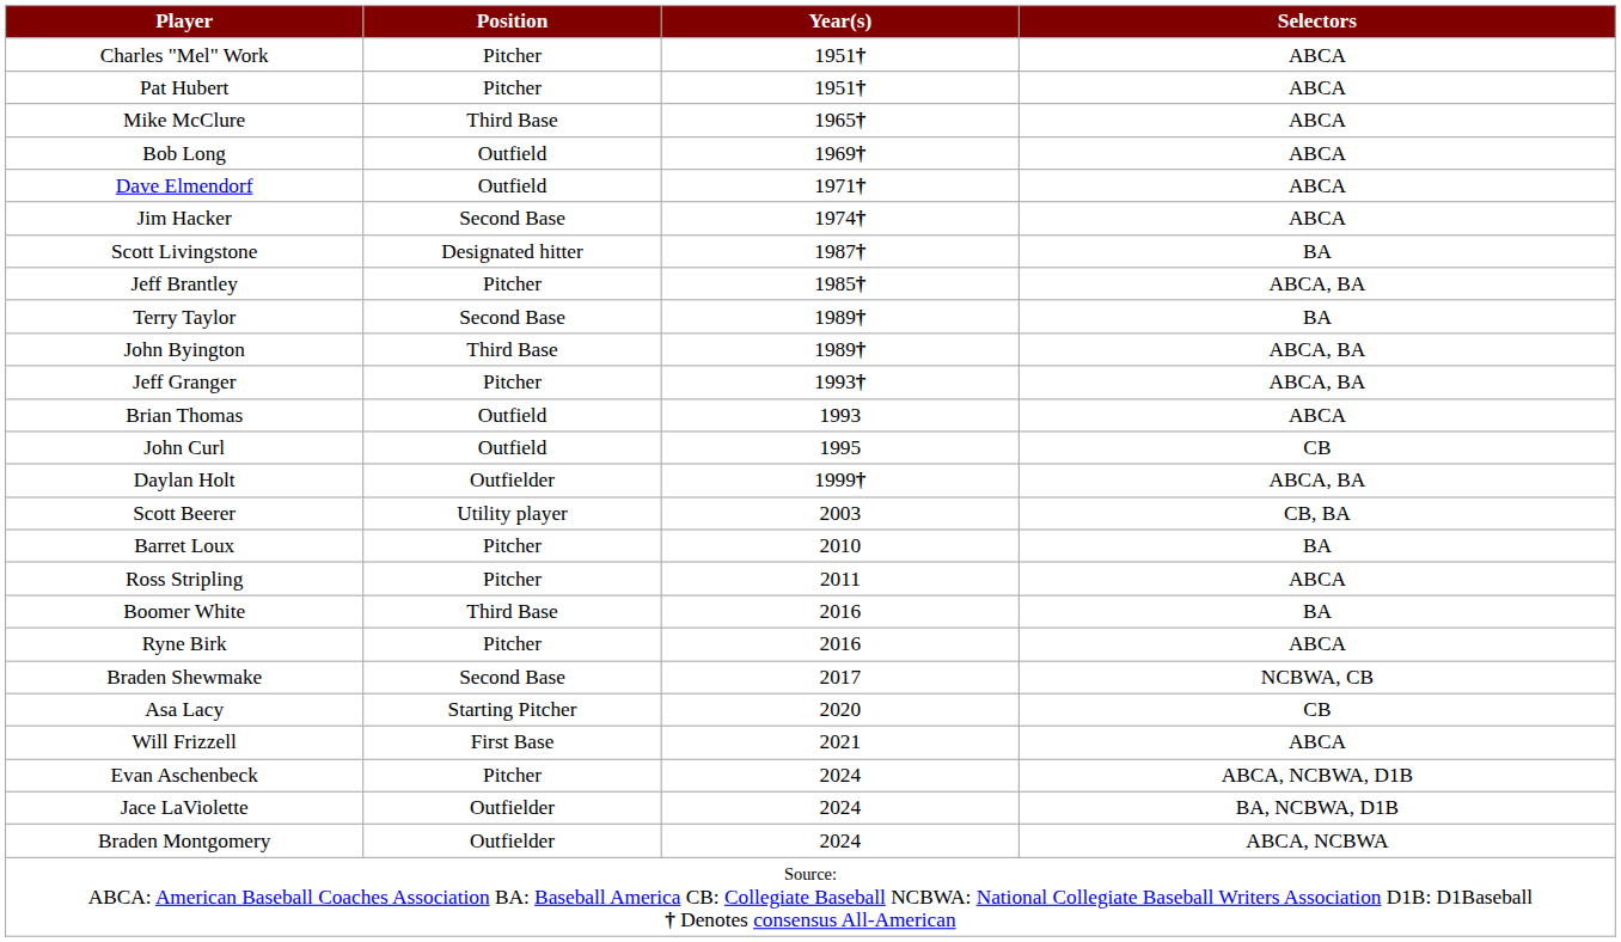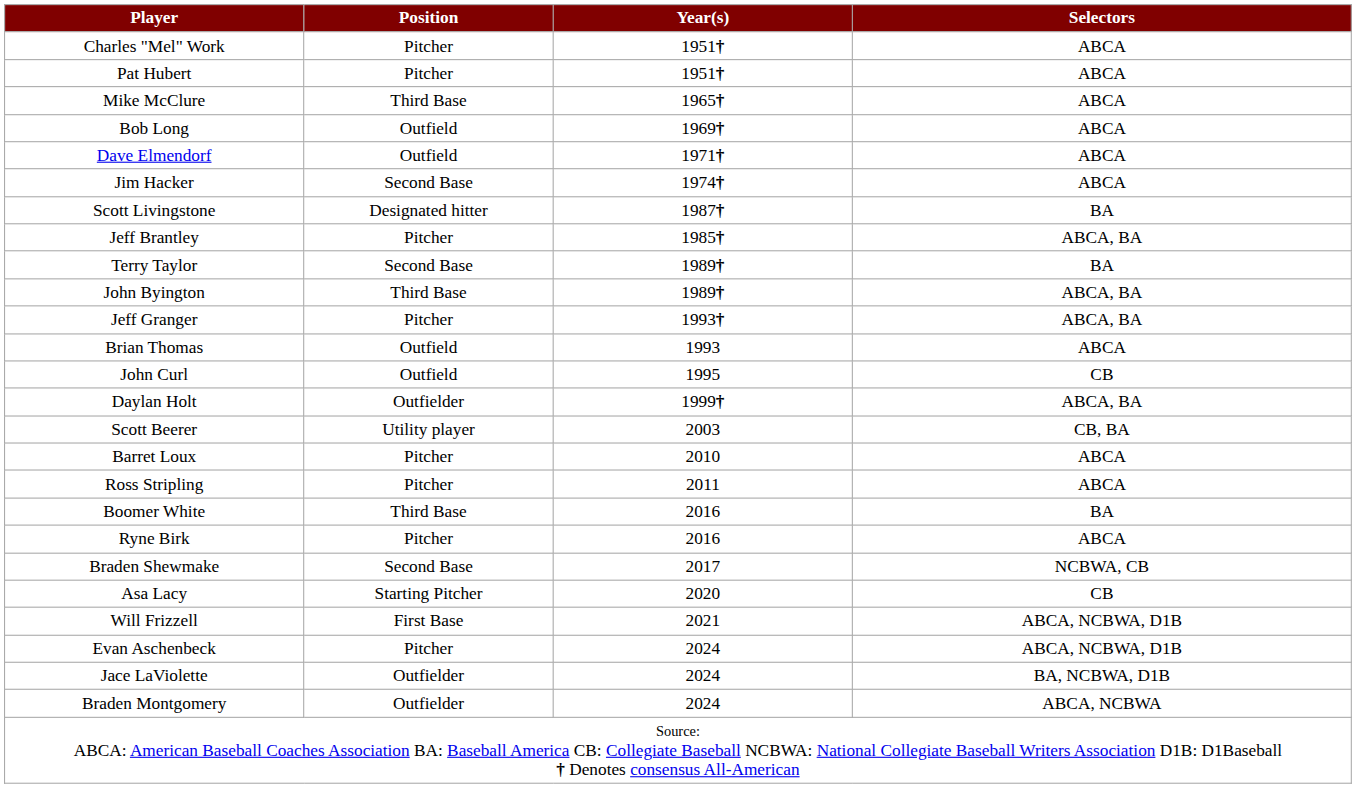 <table class="wikitable" style="background:white; min-width:70%">
 <tr>
 <th style="background: maroon; color:white; width:18%">Player</th>
 <th style="background: maroon; color:white; width:15%">Position</th>
 <th style="background: maroon; color:white; width:18%">Year(s)</th>
 <th style="background: maroon; color:white; width:30%">Selectors</th>
 </tr>
 <tr align="center">
 <td>Charles "Mel" Work</td>
 <td>Pitcher</td>
 <td>1951<strong>†</strong></td>
 <td>ABCA</td>
 </tr>
 <tr align="center">
 <td>Pat Hubert</td>
 <td>Pitcher</td>
 <td>1951<strong>†</strong></td>
 <td>ABCA</td>
 </tr>
 <tr align="center">
 <td>Mike McClure</td>
 <td>Third Base</td>
 <td>1965<strong>†</strong></td>
 <td>ABCA</td>
 </tr>
 <tr align="center">
 <td>Bob Long</td>
 <td>Outfield</td>
 <td>1969<strong>†</strong></td>
 <td>ABCA</td>
 </tr>
 <tr align="center">
 <td><a href='#'>Dave Elmendorf</a></td>
 <td>Outfield</td>
 <td>1971<strong>†</strong></td>
 <td>ABCA</td>
 </tr>
 <tr align="center">
 <td>Jim Hacker</td>
 <td>Second Base</td>
 <td>1974<strong>†</strong></td>
 <td>ABCA</td>
 </tr>
 <tr align="center">
 <td>Scott Livingstone</td>
 <td>Designated hitter</td>
 <td>1987<strong>†</strong></td>
 <td>BA</td>
 </tr>
 <tr align="center">
 <td>Jeff Brantley</td>
 <td>Pitcher</td>
 <td>1985<strong>†</strong></td>
 <td>ABCA, BA</td>
 </tr>
 <tr align="center">
 <td>Terry Taylor</td>
 <td>Second Base</td>
 <td>1989<strong>†</strong></td>
 <td>BA</td>
 </tr>
 <tr align="center">
 <td>John Byington</td>
 <td>Third Base</td>
 <td>1989<strong>†</strong></td>
 <td>ABCA, BA</td>
 </tr>
 <tr align="center">
 <td>Jeff Granger</td>
 <td>Pitcher</td>
 <td>1993<strong>†</strong></td>
 <td>ABCA, BA</td>
 </tr>
 <tr align="center">
 <td>Brian Thomas</td>
 <td>Outfield</td>
 <td>1993</td>
 <td>ABCA</td>
 </tr>
 <tr align="center">
 <td>John Curl</td>
 <td>Outfield</td>
 <td>1995</td>
 <td>CB</td>
 </tr>
 <tr align="center">
 <td>Daylan Holt</td>
 <td>Outfielder</td>
 <td>1999<strong>†</strong></td>
 <td>ABCA, BA</td>
 </tr>
 <tr align="center">
 <td>Scott Beerer</td>
 <td>Utility player</td>
 <td>2003</td>
 <td>CB, BA</td>
 </tr>
 <tr align="center">
 <td>Barret Loux</td>
 <td>Pitcher</td>
 <td>2010</td>
-<td>BA</td>
+<td>ABCA</td>
 </tr>
 <tr align="center">
 <td>Ross Stripling</td>
 <td>Pitcher</td>
 <td>2011</td>
 <td>ABCA</td>
 </tr>
 <tr align="center">
 <td>Boomer White</td>
 <td>Third Base</td>
 <td>2016</td>
 <td>BA</td>
 </tr>
 <tr align="center">
 <td>Ryne Birk</td>
 <td>Pitcher</td>
 <td>2016</td>
 <td>ABCA</td>
 </tr>
 <tr align="center">
 <td>Braden Shewmake</td>
 <td>Second Base</td>
 <td>2017</td>
 <td>NCBWA, CB</td>
 </tr>
 <tr align="center">
 <td>Asa Lacy</td>
 <td>Starting Pitcher</td>
 <td>2020</td>
 <td>CB</td>
 </tr>
 <tr align="center">
 <td>Will Frizzell</td>
 <td>First Base</td>
 <td>2021</td>
-<td>ABCA</td>
+<td>ABCA, NCBWA, D1B</td>
 </tr>
 <tr align="center">
 <td>Evan Aschenbeck</td>
 <td>Pitcher</td>
 <td>2024</td>
 <td>ABCA, NCBWA, D1B</td>
 </tr>
 <tr align="center">
 <td>Jace LaViolette</td>
 <td>Outfielder</td>
 <td>2024</td>
 <td>BA, NCBWA, D1B</td>
 </tr>
 <tr align="center">
 <td>Braden Montgomery</td>
 <td>Outfielder</td>
 <td>2024</td>
 <td>ABCA, NCBWA</td>
 </tr>
 <tr align="center">
 <td colspan=4><small>Source:</small><br>ABCA: <a href='#'>American Baseball Coaches Association</a> BA: <a href='#'>Baseball America</a> CB: <a href='#'>Collegiate Baseball</a> NCBWA: <a href='#'>National Collegiate Baseball Writers Association</a> D1B: D1Baseball<br><strong>†</strong> Denotes <a href='#'>consensus All-American</a></td>
 </tr>
 </table>
